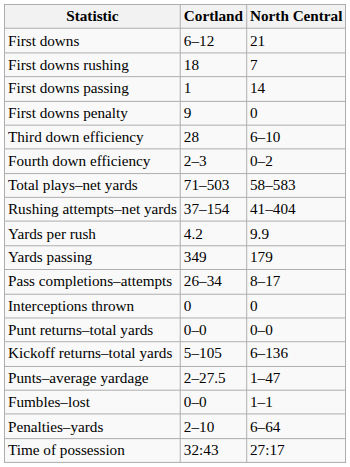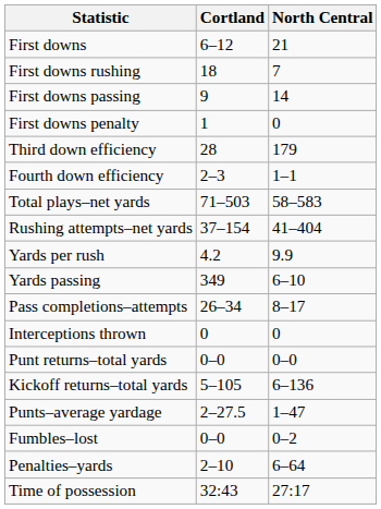 <table class="wikitable">
 <tr>
 <th>Statistic</th>
 <th><strong>Cortland</strong></th>
 <th><strong>North Central</strong></th>
 </tr>
 <tr>
 <td>First downs</td>
 <td>6–12</td>
 <td>21</td>
 </tr>
 <tr>
 <td>First downs rushing</td>
 <td>18</td>
 <td>7</td>
 </tr>
 <tr>
 <td>First downs passing</td>
-<td>1</td>
+<td>9</td>
 <td>14</td>
 </tr>
 <tr>
 <td>First downs penalty</td>
-<td>9</td>
+<td>1</td>
 <td>0</td>
 </tr>
 <tr>
 <td>Third down efficiency</td>
 <td>28</td>
-<td>6–10</td>
+<td>179</td>
 </tr>
 <tr>
 <td>Fourth down efficiency</td>
 <td>2–3</td>
-<td>0–2</td>
+<td>1–1</td>
 </tr>
 <tr>
 <td>Total plays–net yards</td>
 <td>71–503</td>
 <td>58–583</td>
 </tr>
 <tr>
 <td>Rushing attempts–net yards</td>
 <td>37–154</td>
 <td>41–404</td>
 </tr>
 <tr>
 <td>Yards per rush</td>
 <td>4.2</td>
 <td>9.9</td>
 </tr>
 <tr>
 <td>Yards passing</td>
 <td>349</td>
-<td>179</td>
+<td>6–10</td>
 </tr>
 <tr>
 <td>Pass completions–attempts</td>
 <td>26–34</td>
 <td>8–17</td>
 </tr>
 <tr>
 <td>Interceptions thrown</td>
 <td>0</td>
 <td>0</td>
 </tr>
 <tr>
 <td>Punt returns–total yards</td>
 <td>0–0</td>
 <td>0–0</td>
 </tr>
 <tr>
 <td>Kickoff returns–total yards</td>
 <td>5–105</td>
 <td>6–136</td>
 </tr>
 <tr>
 <td>Punts–average yardage</td>
 <td>2–27.5</td>
 <td>1–47</td>
 </tr>
 <tr>
 <td>Fumbles–lost</td>
 <td>0–0</td>
-<td>1–1</td>
+<td>0–2</td>
 </tr>
 <tr>
 <td>Penalties–yards</td>
 <td>2–10</td>
 <td>6–64</td>
 </tr>
 <tr>
 <td>Time of possession</td>
 <td>32:43</td>
 <td>27:17</td>
 </tr>
 </table>
